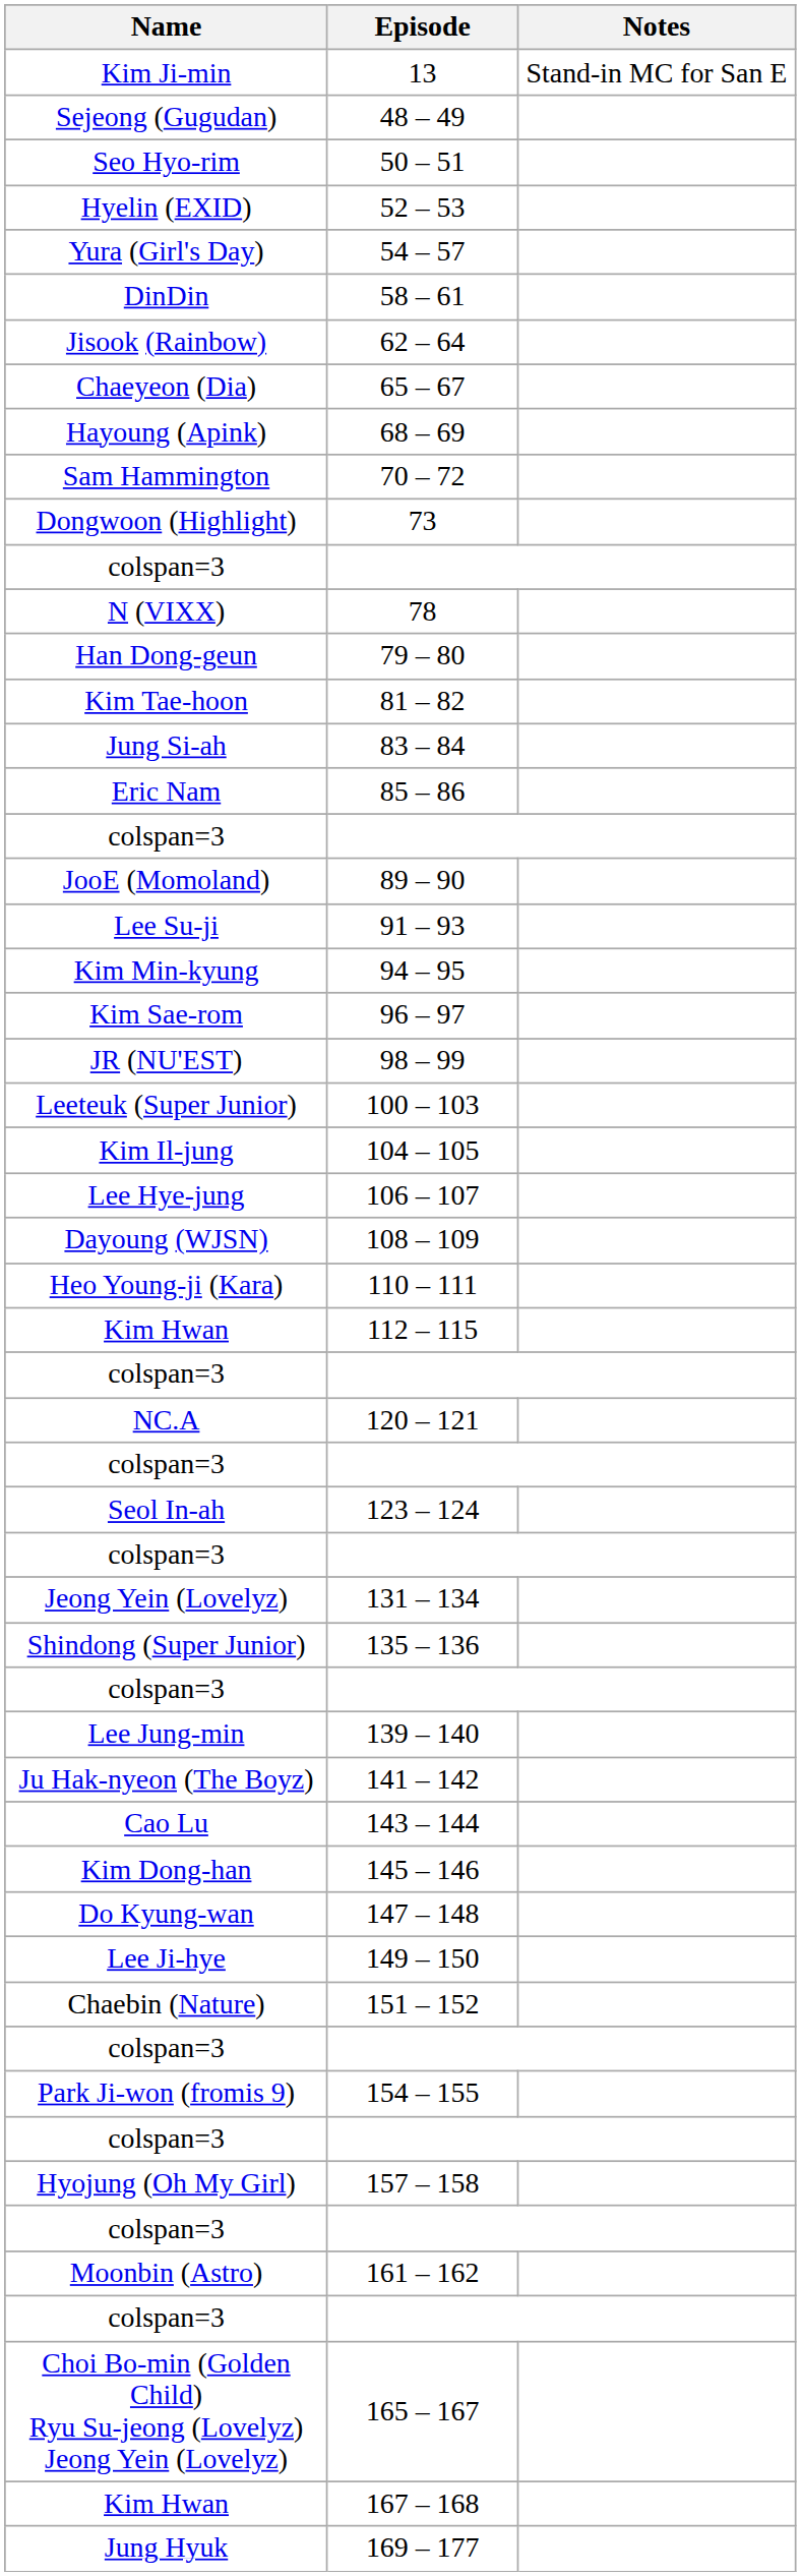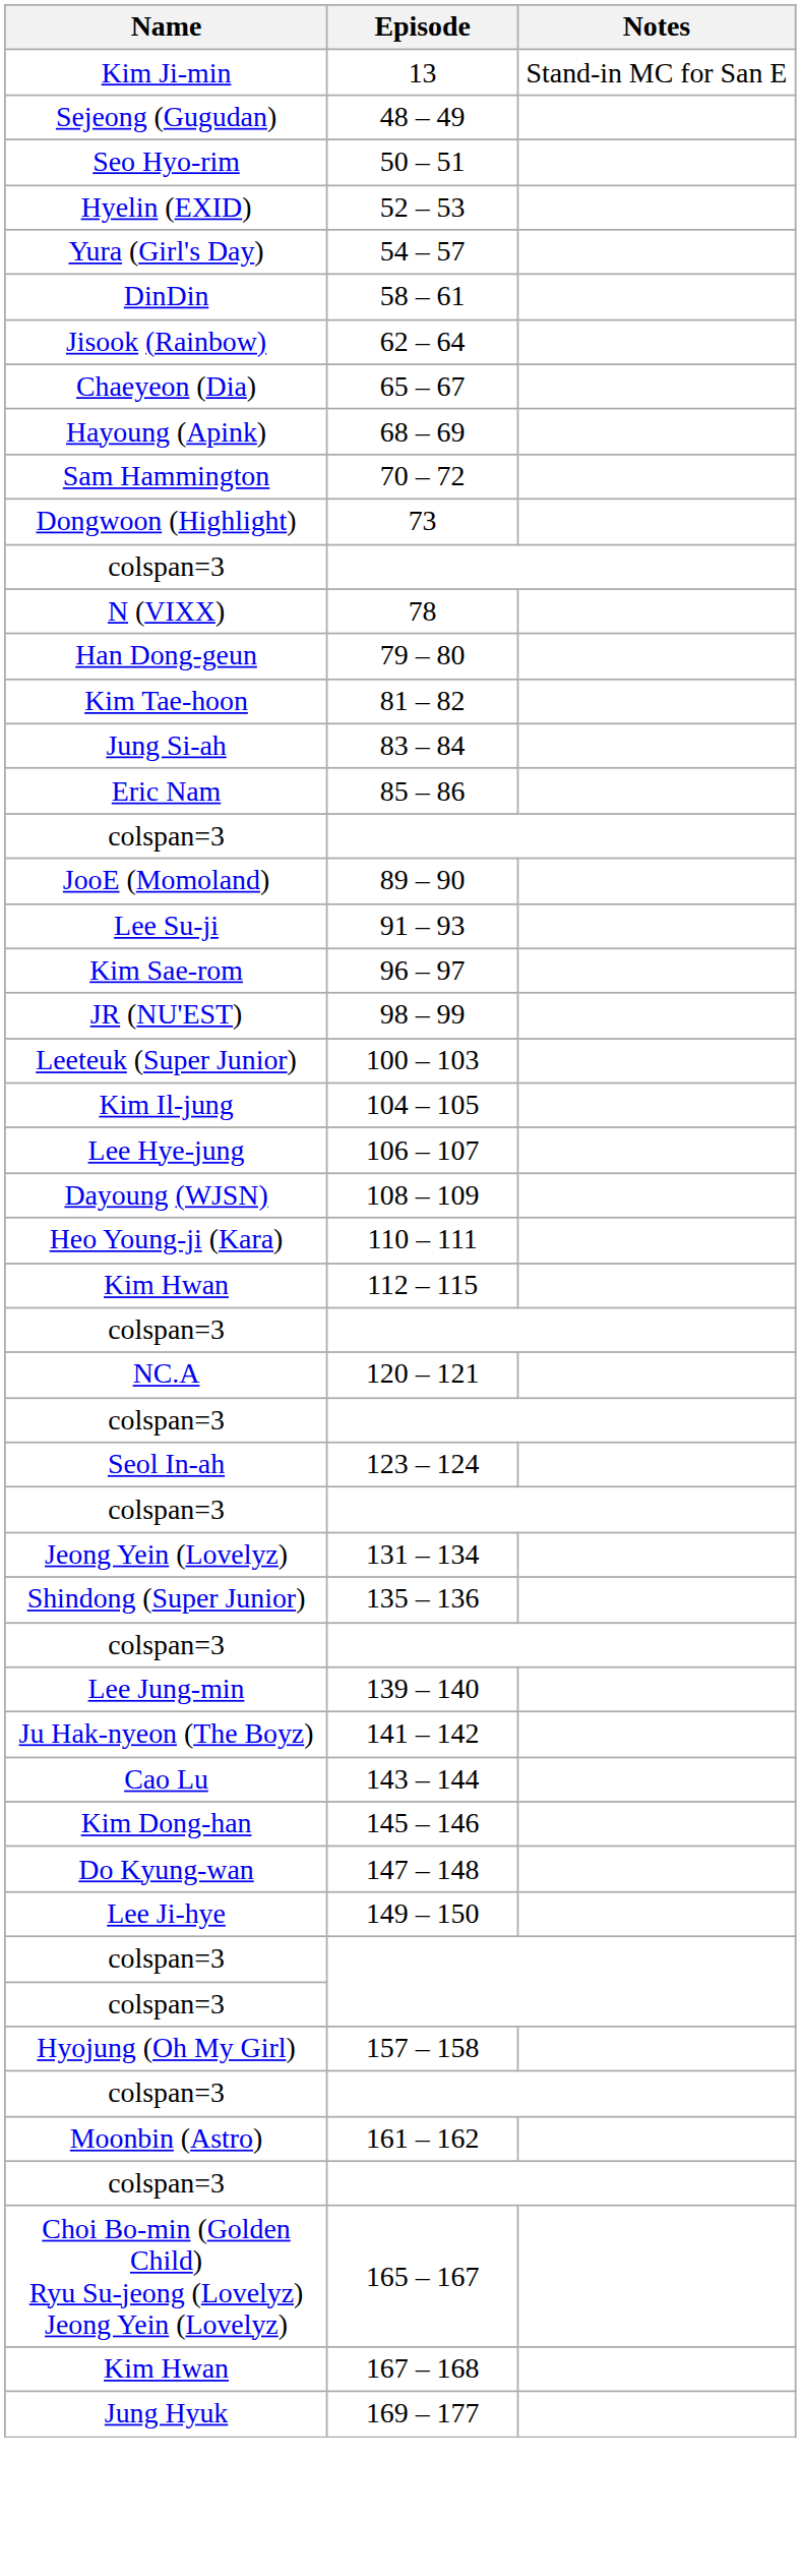 <table class="wikitable collapsible collapsed" style=text-align:center;background:#ffffff>
 <tr>
 <th style=width:175px>Name</th>
 <th style=width:100px>Episode</th>
 <th style=width:150px>Notes</th>
 </tr>
 <tr>
 <td><a href='#'>Kim Ji-min</a></td>
 <td>13</td>
 <td>Stand-in MC for San E</td>
 </tr>
 <tr>
 <td><a href='#'>Sejeong</a> (<a href='#'>Gugudan</a>)</td>
 <td>48 – 49</td>
 <td></td>
 </tr>
 <tr>
 <td><a href='#'>Seo Hyo-rim</a></td>
 <td>50 – 51</td>
 <td></td>
 </tr>
 <tr>
 <td><a href='#'>Hyelin</a> (<a href='#'>EXID</a>)</td>
 <td>52 – 53</td>
 <td></td>
 </tr>
 <tr>
 <td><a href='#'>Yura</a> (<a href='#'>Girl's Day</a>)</td>
 <td>54 – 57</td>
 <td></td>
 </tr>
 <tr>
 <td><a href='#'>DinDin</a></td>
 <td>58 – 61</td>
 <td></td>
 </tr>
 <tr>
 <td><a href='#'>Jisook</a> <a href='#'>(Rainbow)</a></td>
 <td>62 – 64</td>
 <td></td>
 </tr>
 <tr>
 <td><a href='#'>Chaeyeon</a> (<a href='#'>Dia</a>)</td>
 <td>65 – 67</td>
 <td></td>
 </tr>
 <tr>
 <td><a href='#'>Hayoung</a> (<a href='#'>Apink</a>)</td>
 <td>68 – 69</td>
 <td></td>
 </tr>
 <tr>
 <td><a href='#'>Sam Hammington</a></td>
 <td>70 – 72</td>
 <td></td>
 </tr>
 <tr>
 <td><a href='#'>Dongwoon</a> (<a href='#'>Highlight</a>)</td>
 <td>73</td>
 <td></td>
 </tr>
 <tr>
 <td>colspan=3 </td>
 </tr>
 <tr>
 <td><a href='#'>N</a> (<a href='#'>VIXX</a>)</td>
 <td>78</td>
 <td></td>
 </tr>
 <tr>
 <td><a href='#'>Han Dong-geun</a></td>
 <td>79 – 80</td>
 <td></td>
 </tr>
 <tr>
 <td><a href='#'>Kim Tae-hoon</a></td>
 <td>81 – 82</td>
 <td></td>
 </tr>
 <tr>
 <td><a href='#'>Jung Si-ah</a></td>
 <td>83 – 84</td>
 <td></td>
 </tr>
 <tr>
 <td><a href='#'>Eric Nam</a></td>
 <td>85 – 86</td>
 <td></td>
 </tr>
 <tr>
 <td>colspan=3 </td>
 </tr>
 <tr>
 <td><a href='#'>JooE</a> (<a href='#'>Momoland</a>)</td>
 <td>89 – 90</td>
 <td></td>
 </tr>
 <tr>
 <td><a href='#'>Lee Su-ji</a></td>
 <td>91 – 93</td>
-<td></td>
-</tr>
-<tr>
-<td><a href='#'>Kim Min-kyung</a></td>
-<td>94 – 95</td>
 <td></td>
 </tr>
 <tr>
 <td><a href='#'>Kim Sae-rom</a></td>
 <td>96 – 97</td>
 <td></td>
 </tr>
 <tr>
 <td><a href='#'>JR</a> (<a href='#'>NU'EST</a>)</td>
 <td>98 – 99</td>
 <td></td>
 </tr>
 <tr>
 <td><a href='#'>Leeteuk</a> (<a href='#'>Super Junior</a>)</td>
 <td>100 – 103</td>
 <td></td>
 </tr>
 <tr>
 <td><a href='#'>Kim Il-jung</a></td>
 <td>104 – 105</td>
 <td></td>
 </tr>
 <tr>
 <td><a href='#'>Lee Hye-jung</a></td>
 <td>106 – 107</td>
 <td></td>
 </tr>
 <tr>
 <td><a href='#'>Dayoung</a> <a href='#'>(WJSN)</a></td>
 <td>108 – 109</td>
 <td></td>
 </tr>
 <tr>
 <td><a href='#'>Heo Young-ji</a> (<a href='#'>Kara</a>)</td>
 <td>110 – 111</td>
 <td></td>
 </tr>
 <tr>
 <td><a href='#'>Kim Hwan</a></td>
 <td>112 – 115</td>
 <td></td>
 </tr>
 <tr>
 <td>colspan=3 </td>
 </tr>
 <tr>
 <td><a href='#'>NC.A</a></td>
 <td>120 – 121</td>
 <td></td>
 </tr>
 <tr>
 <td>colspan=3 </td>
 </tr>
 <tr>
 <td><a href='#'>Seol In-ah</a></td>
 <td>123 – 124</td>
 <td></td>
 </tr>
 <tr>
 <td>colspan=3 </td>
 </tr>
 <tr>
 <td><a href='#'>Jeong Yein</a> (<a href='#'>Lovelyz</a>)</td>
 <td>131 – 134</td>
 <td></td>
 </tr>
 <tr>
 <td><a href='#'>Shindong</a> (<a href='#'>Super Junior</a>)</td>
 <td>135 – 136</td>
 <td></td>
 </tr>
 <tr>
 <td>colspan=3 </td>
 </tr>
 <tr>
 <td><a href='#'>Lee Jung-min</a></td>
 <td>139 – 140</td>
 <td></td>
 </tr>
 <tr>
 <td><a href='#'>Ju Hak-nyeon</a> (<a href='#'>The Boyz</a>)</td>
 <td>141 – 142</td>
 <td></td>
 </tr>
 <tr>
 <td><a href='#'>Cao Lu</a></td>
 <td>143 – 144</td>
 <td></td>
 </tr>
 <tr>
 <td><a href='#'>Kim Dong-han</a></td>
 <td>145 – 146</td>
 <td></td>
 </tr>
 <tr>
 <td><a href='#'>Do Kyung-wan</a></td>
 <td>147 – 148</td>
 <td></td>
 </tr>
 <tr>
 <td><a href='#'>Lee Ji-hye</a></td>
 <td>149 – 150</td>
 <td></td>
 </tr>
 <tr>
-<td>Chaebin (<a href='#'>Nature</a>)</td>
-<td>151 – 152</td>
-<td></td>
-</tr>
-<tr>
 <td>colspan=3 </td>
-</tr>
-<tr>
-<td><a href='#'>Park Ji-won</a> (<a href='#'>fromis 9</a>)</td>
-<td>154 – 155</td>
-<td></td>
 </tr>
 <tr>
 <td>colspan=3 </td>
 </tr>
 <tr>
 <td><a href='#'>Hyojung</a> (<a href='#'>Oh My Girl</a>)</td>
 <td>157 – 158</td>
 <td></td>
 </tr>
 <tr>
 <td>colspan=3 </td>
 </tr>
 <tr>
 <td><a href='#'>Moonbin</a> (<a href='#'>Astro</a>)</td>
 <td>161 – 162</td>
 <td></td>
 </tr>
 <tr>
 <td>colspan=3 </td>
 </tr>
 <tr>
 <td><a href='#'>Choi Bo-min</a> (<a href='#'>Golden Child</a>)<br><a href='#'>Ryu Su-jeong</a> (<a href='#'>Lovelyz</a>)<br><a href='#'>Jeong Yein</a> (<a href='#'>Lovelyz</a>)</td>
 <td>165 – 167</td>
 <td></td>
 </tr>
 <tr>
 <td><a href='#'>Kim Hwan</a></td>
 <td>167 – 168</td>
 <td></td>
 </tr>
 <tr>
 <td><a href='#'>Jung Hyuk</a></td>
 <td>169 – 177</td>
 <td></td>
 </tr>
 </table>
